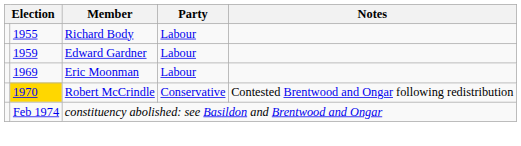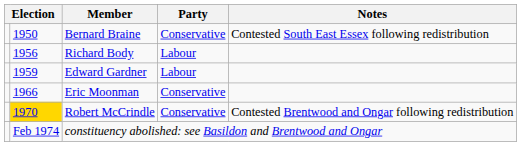 <table class="wikitable">
 <tr>
 <th colspan="2">Election</th>
 <th>Member</th>
 <th>Party</th>
 <th>Notes</th>
 </tr>
 <tr>
 <td style="color:inherit;background-color: "></td>
-<td><a href='#'>1955</a></td>
+<td><a href='#'>1950</a></td>
+<td><a href='#'>Bernard Braine</a></td>
+<td><a href='#'>Conservative</a></td>
+<td>Contested <a href='#'>South East Essex</a> following redistribution</td>
+</tr>
+<tr>
+<td style="color:inherit;background-color: "></td>
+<td><a href='#'>1956</a></td>
 <td><a href='#'>Richard Body</a></td>
 <td><a href='#'>Labour</a></td>
 <td></td>
 </tr>
 <tr>
 <td style="color:inherit;background-color: "></td>
 <td><a href='#'>1959</a></td>
 <td><a href='#'>Edward Gardner</a></td>
 <td><a href='#'>Labour</a></td>
 <td></td>
 </tr>
 <tr>
 <td style="color:inherit;background-color: "></td>
-<td><a href='#'>1969</a></td>
+<td><a href='#'>1966</a></td>
 <td><a href='#'>Eric Moonman</a></td>
-<td><a href='#'>Labour</a></td>
+<td><a href='#'>Conservative</a></td>
 <td></td>
 </tr>
 <tr>
 <td style="color:inherit;background-color: "></td>
 <td style="background: gold;"><a href='#'>1970</a></td>
 <td><a href='#'>Robert McCrindle</a></td>
 <td><a href='#'>Conservative</a></td>
 <td>Contested <a href='#'>Brentwood and Ongar</a> following redistribution</td>
 </tr>
 <tr>
 <td></td>
 <td><a href='#'>Feb 1974</a></td>
 <td colspan="3"><em>constituency abolished: see <a href='#'>Basildon</a> and <a href='#'>Brentwood and Ongar</a></em></td>
 </tr>
 </table>
